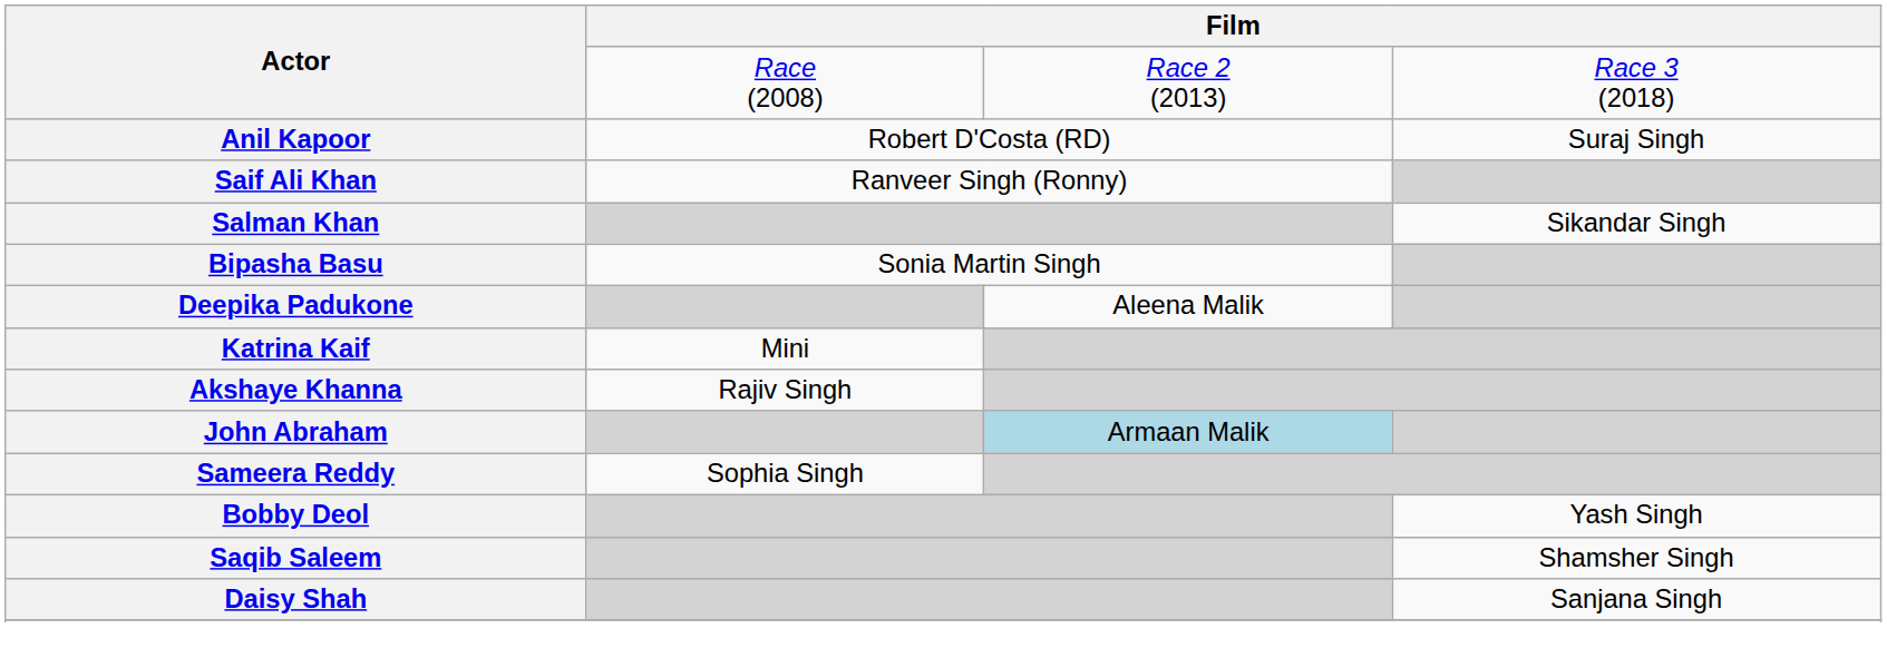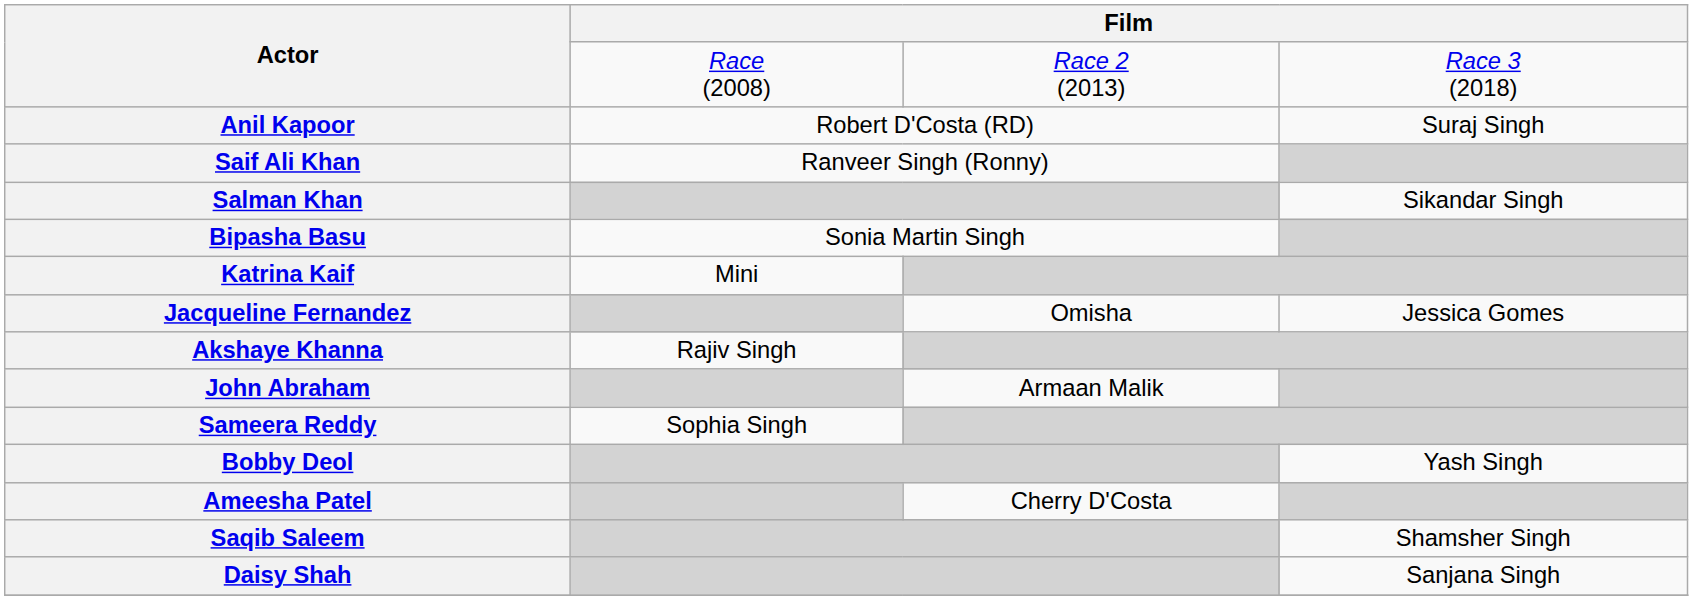 <table class="wikitable" style="text-align:center" width="90%">
 <tr>
 <th rowspan="2">Actor</th>
 <th colspan="3">Film</th>
 </tr>
 <tr>
 <td><em><a href='#'>Race</a></em><br>(2008)</td>
 <td><em><a href='#'>Race 2</a></em><br>(2013)</td>
 <td><em><a href='#'>Race 3</a></em><br>(2018)</td>
 </tr>
 <tr>
 <th><a href='#'>Anil Kapoor</a></th>
 <td colspan=2>Robert D'Costa (RD)</td>
 <td>Suraj Singh</td>
 </tr>
 <tr>
 <th><a href='#'>Saif Ali Khan</a></th>
 <td colspan=2>Ranveer Singh (Ronny)</td>
 <td colspan="1" style="background:#D3D3D3;"></td>
 </tr>
 <tr>
 <th><a href='#'>Salman Khan</a></th>
 <td colspan="2" style="background:#D3D3D3;"></td>
 <td>Sikandar Singh</td>
 </tr>
 <tr>
 <th><a href='#'>Bipasha Basu</a></th>
 <td colspan="2">Sonia Martin Singh</td>
 <td colspan="1" style="background:#D3D3D3;"></td>
 </tr>
 <tr>
-<th><a href='#'>Deepika Padukone</a></th>
-<td style="background:#D3D3D3;"></td>
-<td>Aleena Malik</td>
-<td colspan="1" style="background:#D3D3D3;"></td>
-</tr>
-<tr>
 <th><a href='#'>Katrina Kaif</a></th>
 <td>Mini</td>
 <td colspan="2" style="background:#D3D3D3;"></td>
+</tr>
+<tr>
+<th><a href='#'>Jacqueline Fernandez</a></th>
+<td colspan="1" style="background:#D3D3D3;"></td>
+<td>Omisha</td>
+<td>Jessica Gomes</td>
 </tr>
 <tr>
 <th><a href='#'>Akshaye Khanna</a></th>
 <td>Rajiv Singh</td>
 <td colspan="2" style="background:#D3D3D3;"></td>
 </tr>
 <tr>
 <th><a href='#'>John Abraham</a></th>
 <td style="background:#D3D3D3;"></td>
-<td style="background: lightblue;">Armaan Malik</td>
+<td>Armaan Malik</td>
 <td colspan="1" style="background:#D3D3D3;"></td>
 </tr>
 <tr>
 <th><a href='#'>Sameera Reddy</a></th>
 <td>Sophia Singh</td>
 <td colspan="2" style="background:#D3D3D3;"></td>
 </tr>
 <tr>
 <th><a href='#'>Bobby Deol</a></th>
 <td colspan="2" style="background:#D3D3D3;"></td>
 <td>Yash Singh</td>
+</tr>
+<tr>
+<th><a href='#'>Ameesha Patel</a></th>
+<td style="background:#D3D3D3;"></td>
+<td>Cherry D'Costa</td>
+<td colspan="1" style="background:#D3D3D3;"></td>
 </tr>
 <tr>
 <th><a href='#'>Saqib Saleem</a></th>
 <td colspan="2" style="background:#D3D3D3;"></td>
 <td>Shamsher Singh</td>
 </tr>
 <tr>
 <th><a href='#'>Daisy Shah</a></th>
 <td colspan="2" style="background:#D3D3D3;"></td>
 <td>Sanjana Singh</td>
 </tr>
 <tr>
 </tr>
 <tr>
 </tr>
 </table>
